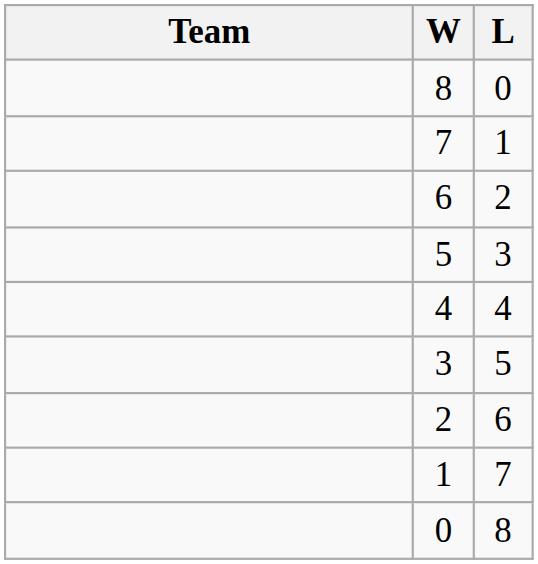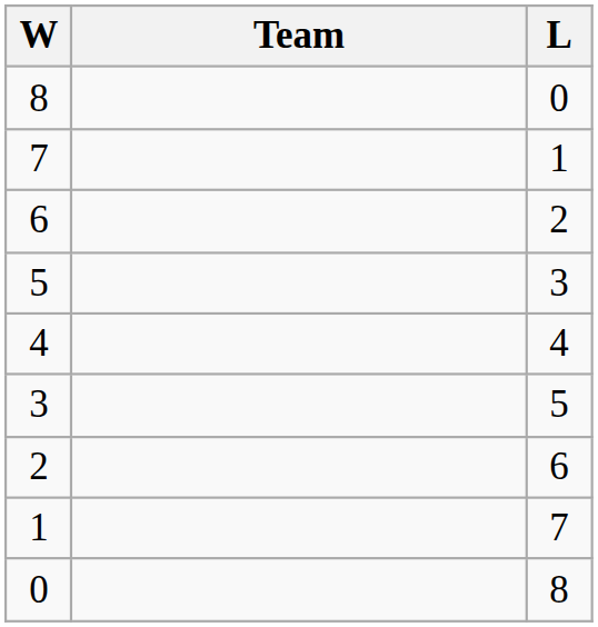 <table class="wikitable" style="text-align:center">
 <tr>
+<th width=20px>W</th>
 <th width=180px>Team</th>
-<th width=20px>W</th>
 <th width=20px>L</th>
 </tr>
 <tr>
+<td>8</td>
 <td align=left></td>
-<td>8</td>
 <td>0</td>
 </tr>
 <tr>
+<td>7</td>
 <td align=left></td>
-<td>7</td>
 <td>1</td>
 </tr>
 <tr>
+<td>6</td>
 <td align=left></td>
-<td>6</td>
 <td>2</td>
 </tr>
 <tr>
+<td>5</td>
 <td align=left></td>
-<td>5</td>
 <td>3</td>
 </tr>
 <tr>
+<td>4</td>
 <td align=left></td>
-<td>4</td>
 <td>4</td>
 </tr>
 <tr>
+<td>3</td>
 <td align=left></td>
-<td>3</td>
 <td>5</td>
 </tr>
 <tr>
+<td>2</td>
 <td align=left><strong></strong></td>
-<td>2</td>
 <td>6</td>
 </tr>
 <tr>
+<td>1</td>
 <td align=left></td>
-<td>1</td>
 <td>7</td>
 </tr>
 <tr>
+<td>0</td>
 <td align=left></td>
-<td>0</td>
 <td>8</td>
 </tr>
 </table>
